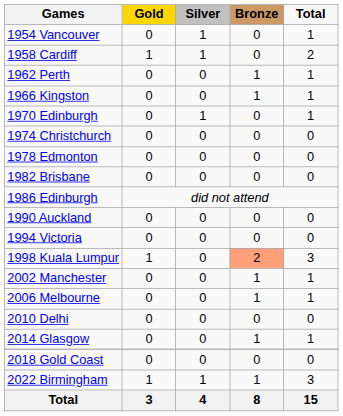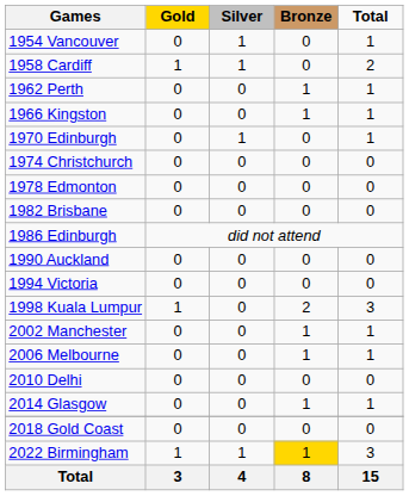 <table class="wikitable" style="text-align:center">
 <tr>
 <th>Games</th>
 <td width=60 bgcolor=gold><strong>Gold</strong></td>
 <td width=60 bgcolor=silver><strong>Silver</strong></td>
 <td width=60 bgcolor=cc9966><strong>Bronze</strong></td>
 <td width=60><strong>Total</strong></td>
 </tr>
 <tr>
 <td align=left><a href='#'>1954 Vancouver</a></td>
 <td>0</td>
 <td>1</td>
 <td>0</td>
 <td>1</td>
 </tr>
 <tr>
 <td align=left><a href='#'>1958 Cardiff</a></td>
 <td>1</td>
 <td>1</td>
 <td>0</td>
 <td>2</td>
 </tr>
 <tr>
 <td align=left><a href='#'>1962 Perth</a></td>
 <td>0</td>
 <td>0</td>
 <td>1</td>
 <td>1</td>
 </tr>
 <tr>
 <td align=left><a href='#'>1966 Kingston</a></td>
 <td>0</td>
 <td>0</td>
 <td>1</td>
 <td>1</td>
 </tr>
 <tr>
 <td align=left><a href='#'>1970 Edinburgh</a></td>
 <td>0</td>
 <td>1</td>
 <td>0</td>
 <td>1</td>
 </tr>
 <tr>
 <td align=left><a href='#'>1974 Christchurch</a></td>
 <td>0</td>
 <td>0</td>
 <td>0</td>
 <td>0</td>
 </tr>
 <tr>
 <td align=left><a href='#'>1978 Edmonton</a></td>
 <td>0</td>
 <td>0</td>
 <td>0</td>
 <td>0</td>
 </tr>
 <tr>
 <td align=left><a href='#'>1982 Brisbane</a></td>
 <td>0</td>
 <td>0</td>
 <td>0</td>
 <td>0</td>
 </tr>
 <tr>
 <td align=left><a href='#'>1986 Edinburgh</a></td>
 <td colspan=4><em>did not attend</em></td>
 </tr>
 <tr>
 <td align=left><a href='#'>1990 Auckland</a></td>
 <td>0</td>
 <td>0</td>
 <td>0</td>
 <td>0</td>
 </tr>
 <tr>
 <td align=left><a href='#'>1994 Victoria</a></td>
 <td>0</td>
 <td>0</td>
 <td>0</td>
 <td>0</td>
 </tr>
 <tr>
 <td align=left><a href='#'>1998 Kuala Lumpur</a></td>
 <td>1</td>
 <td>0</td>
-<td style="background: lightsalmon;">2</td>
+<td>2</td>
 <td>3</td>
 </tr>
 <tr>
 <td align=left><a href='#'>2002 Manchester</a></td>
 <td>0</td>
 <td>0</td>
 <td>1</td>
 <td>1</td>
 </tr>
 <tr>
 <td align=left><a href='#'>2006 Melbourne</a></td>
 <td>0</td>
 <td>0</td>
 <td>1</td>
 <td>1</td>
 </tr>
 <tr>
 <td align=left><a href='#'>2010 Delhi</a></td>
 <td>0</td>
 <td>0</td>
 <td>0</td>
 <td>0</td>
 </tr>
 <tr>
 <td align=left><a href='#'>2014 Glasgow</a></td>
 <td>0</td>
 <td>0</td>
 <td>1</td>
 <td>1</td>
 </tr>
 <tr>
 </tr>
 <tr>
 <td align=left><a href='#'>2018 Gold Coast</a></td>
 <td>0</td>
 <td>0</td>
 <td>0</td>
 <td>0</td>
 </tr>
 <tr>
 <td align=left><a href='#'>2022 Birmingham</a></td>
 <td>1</td>
 <td>1</td>
-<td>1</td>
+<td style="background: gold;">1</td>
 <td>3</td>
 </tr>
 <tr>
 <th>Total</th>
 <th>3</th>
 <th>4</th>
 <th>8</th>
 <th>15</th>
 </tr>
 </table>
